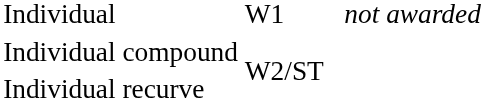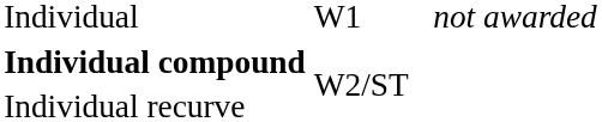 <table>
 <tr>
 <td>Individual</td>
 <td>W1</td>
 <td></td>
 <td></td>
 <td><em>not awarded</em></td>
 </tr>
 <tr>
-<td>Individual compound</td>
+<td><strong>Individual compound</strong></td>
 <td rowspan=2>W2/ST</td>
 <td></td>
 <td></td>
 <td></td>
 </tr>
 <tr>
 <td>Individual recurve</td>
 <td></td>
 <td></td>
 <td></td>
 </tr>
 </table>
